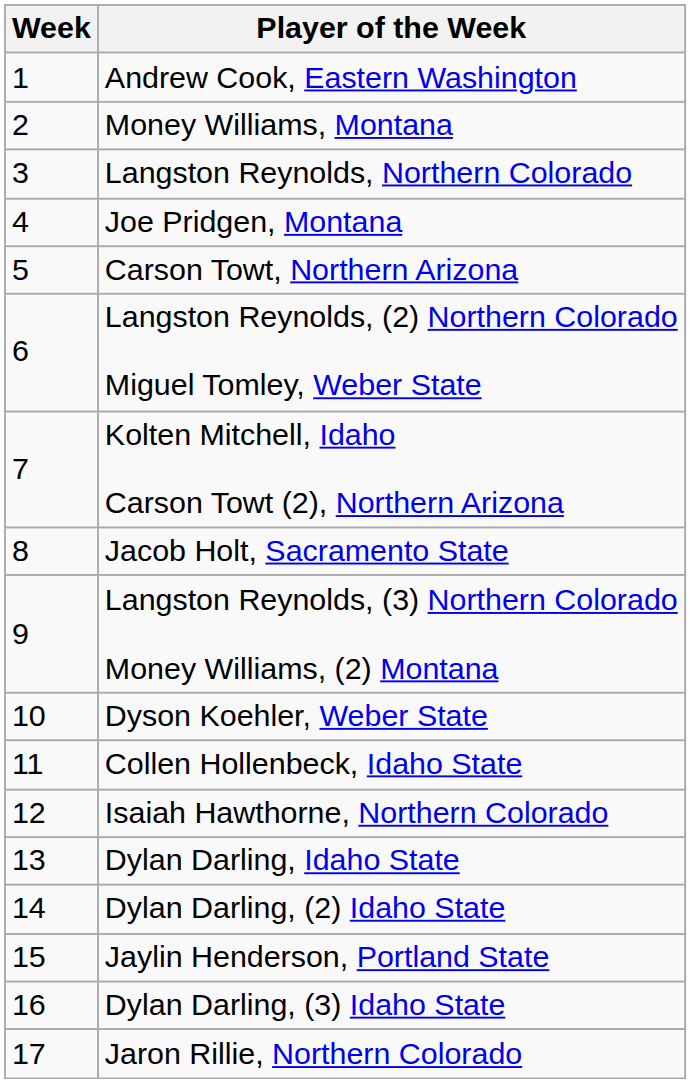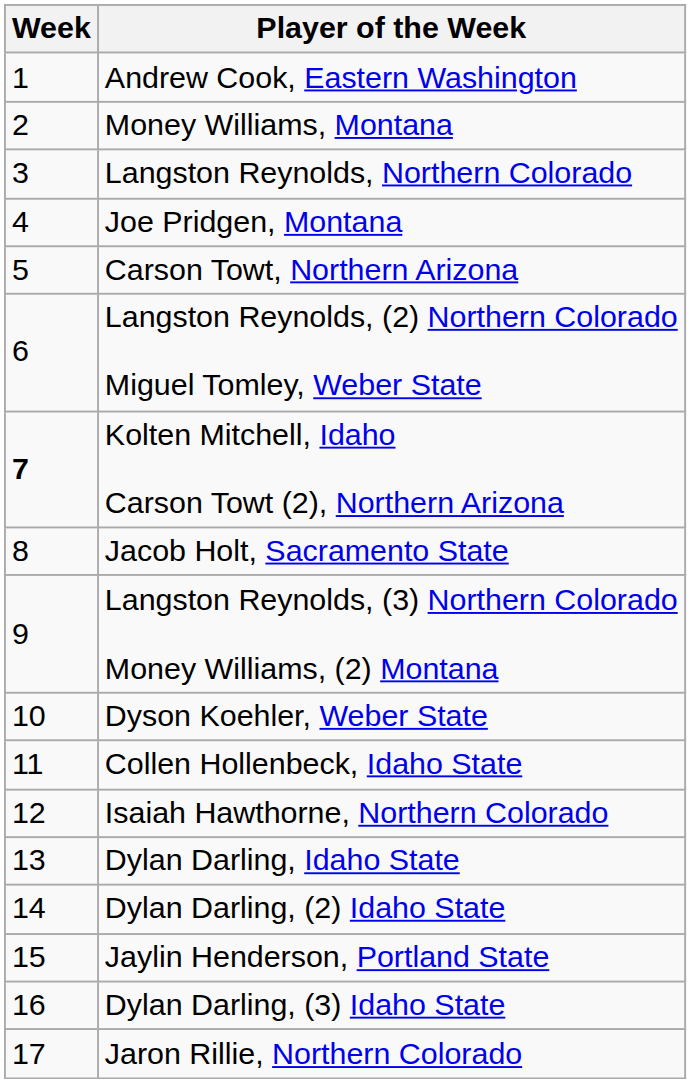 <table class="wikitable" border="1">
 <tr>
 <th align="center">Week</th>
 <th align="center">Player of the Week</th>
 </tr>
 <tr>
 <td>1</td>
 <td>Andrew Cook, <a href='#'>Eastern Washington</a></td>
 </tr>
 <tr>
 <td>2</td>
 <td>Money Williams, <a href='#'>Montana</a></td>
 </tr>
 <tr>
 <td>3</td>
 <td>Langston Reynolds, <a href='#'>Northern Colorado</a></td>
 </tr>
 <tr>
 <td>4</td>
 <td>Joe Pridgen, <a href='#'>Montana</a></td>
 </tr>
 <tr>
 <td>5</td>
 <td>Carson Towt, <a href='#'>Northern Arizona</a></td>
 </tr>
 <tr>
 <td>6</td>
 <td>Langston Reynolds, (2) <a href='#'>Northern Colorado</a><br><br>Miguel Tomley, <a href='#'>Weber State</a></td>
 </tr>
 <tr>
-<td>7</td>
+<td><strong>7</strong></td>
 <td>Kolten Mitchell, <a href='#'>Idaho</a><br><br>Carson Towt (2), <a href='#'>Northern Arizona</a></td>
 </tr>
 <tr>
 <td>8</td>
 <td>Jacob Holt, <a href='#'>Sacramento State</a></td>
 </tr>
 <tr>
 <td>9</td>
 <td>Langston Reynolds, (3) <a href='#'>Northern Colorado</a><br><br>Money Williams, (2) <a href='#'>Montana</a></td>
 </tr>
 <tr>
 <td>10</td>
 <td>Dyson Koehler, <a href='#'>Weber State</a></td>
 </tr>
 <tr>
 <td>11</td>
 <td>Collen Hollenbeck, <a href='#'>Idaho State</a></td>
 </tr>
 <tr>
 <td>12</td>
 <td>Isaiah Hawthorne, <a href='#'>Northern Colorado</a></td>
 </tr>
 <tr>
 <td>13</td>
 <td>Dylan Darling, <a href='#'>Idaho State</a></td>
 </tr>
 <tr>
 <td>14</td>
 <td>Dylan Darling, (2) <a href='#'>Idaho State</a></td>
 </tr>
 <tr>
 <td>15</td>
 <td>Jaylin Henderson, <a href='#'>Portland State</a></td>
 </tr>
 <tr>
 <td>16</td>
 <td>Dylan Darling, (3) <a href='#'>Idaho State</a></td>
 </tr>
 <tr>
 <td>17</td>
 <td>Jaron Rillie, <a href='#'>Northern Colorado</a><br></td>
 </tr>
 </table>
